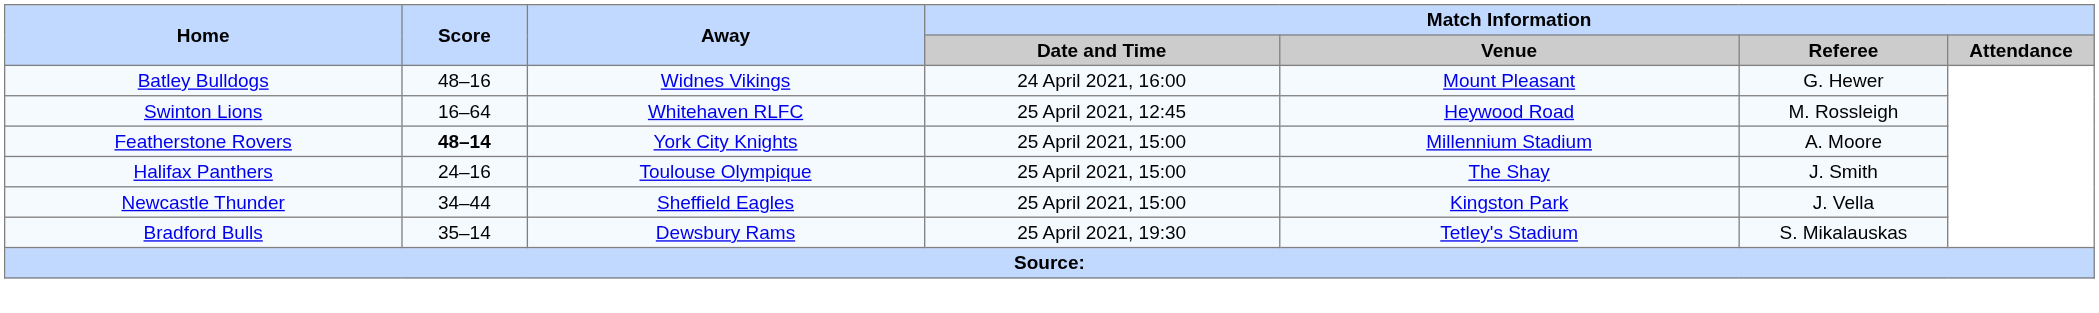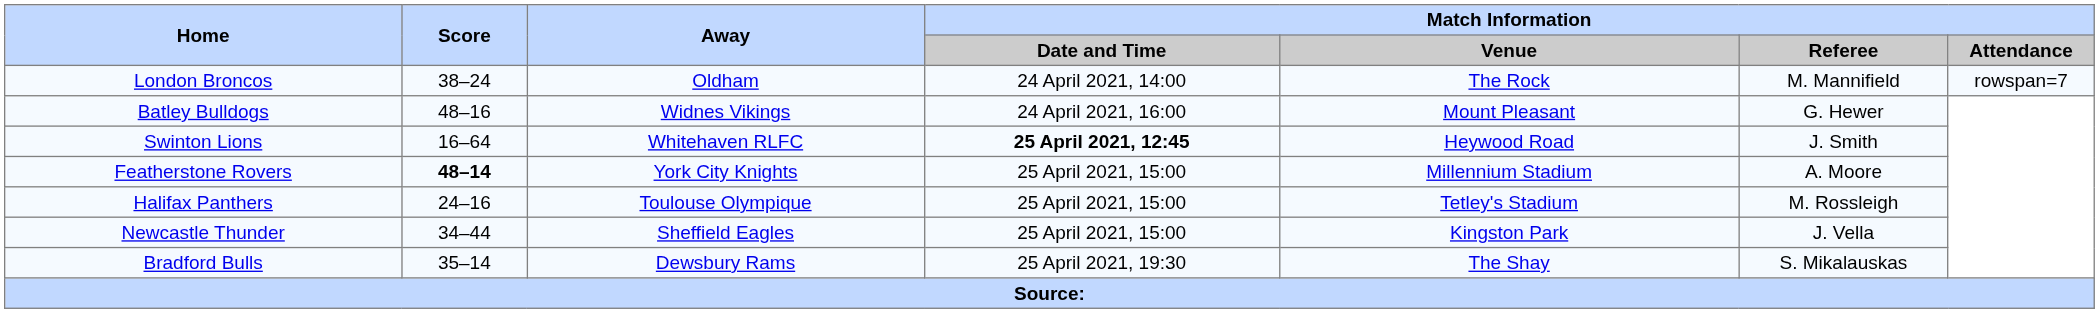 <table border=1 style="border-collapse:collapse; font-size:90%; text-align:center;" cellpadding=3 cellspacing=0 width=100%>
 <tr style="background:#C1D8ff;">
 <th scope="col" rowspan=2 width=19%>Home</th>
 <th scope="col" rowspan=2 width=6%>Score</th>
 <th scope="col" rowspan=2 width=19%>Away</th>
 <th colspan=4>Match Information</th>
 </tr>
 <tr style="background:#CCCCCC;">
 <th scope="col" width=17%>Date and Time</th>
 <th scope="col" width=22%>Venue</th>
 <th scope="col" width=10%>Referee</th>
 <th scope="col" width=7%>Attendance</th>
 </tr>
 <tr style="background:#F5FAFF;">
+<td> <a href='#'>London Broncos</a></td>
+<td>38–24</td>
+<td> <a href='#'>Oldham</a></td>
+<td>24 April 2021, 14:00</td>
+<td><a href='#'>The Rock</a></td>
+<td>M. Mannifield</td>
+<td>rowspan=7</td>
+</tr>
+<tr style="background:#F5FAFF;">
 <td> <a href='#'>Batley Bulldogs</a></td>
 <td>48–16</td>
 <td> <a href='#'>Widnes Vikings</a></td>
 <td>24 April 2021, 16:00</td>
 <td><a href='#'>Mount Pleasant</a></td>
 <td>G. Hewer</td>
 </tr>
 <tr style="background:#F5FAFF;">
 <td> <a href='#'>Swinton Lions</a></td>
 <td>16–64</td>
 <td> <a href='#'>Whitehaven RLFC</a></td>
-<td>25 April 2021, 12:45</td>
+<td><strong>25 April 2021, 12:45</strong></td>
 <td><a href='#'>Heywood Road</a></td>
-<td>M. Rossleigh</td>
+<td>J. Smith</td>
 </tr>
 <tr style="background:#F5FAFF;">
 <td> <a href='#'>Featherstone Rovers</a></td>
 <td><strong>48–14</strong></td>
 <td> <a href='#'>York City Knights</a></td>
 <td>25 April 2021, 15:00</td>
 <td><a href='#'>Millennium Stadium</a></td>
 <td>A. Moore</td>
 </tr>
 <tr style="background:#F5FAFF;">
 <td> <a href='#'>Halifax Panthers</a></td>
 <td>24–16</td>
 <td> <a href='#'>Toulouse Olympique</a></td>
 <td>25 April 2021, 15:00</td>
-<td><a href='#'>The Shay</a></td>
-<td>J. Smith</td>
+<td><a href='#'>Tetley's Stadium</a></td>
+<td>M. Rossleigh</td>
 </tr>
 <tr style="background:#F5FAFF;">
 <td> <a href='#'>Newcastle Thunder</a></td>
 <td>34–44</td>
 <td> <a href='#'>Sheffield Eagles</a></td>
 <td>25 April 2021, 15:00</td>
 <td><a href='#'>Kingston Park</a></td>
 <td>J. Vella</td>
 </tr>
 <tr style="background:#F5FAFF;">
 <td> <a href='#'>Bradford Bulls</a></td>
 <td>35–14</td>
 <td> <a href='#'>Dewsbury Rams</a></td>
 <td>25 April 2021, 19:30</td>
-<td><a href='#'>Tetley's Stadium</a></td>
+<td><a href='#'>The Shay</a></td>
 <td>S. Mikalauskas</td>
 </tr>
 <tr style="background:#c1d8ff;">
 <th colspan=7>Source:</th>
 </tr>
 </table>
